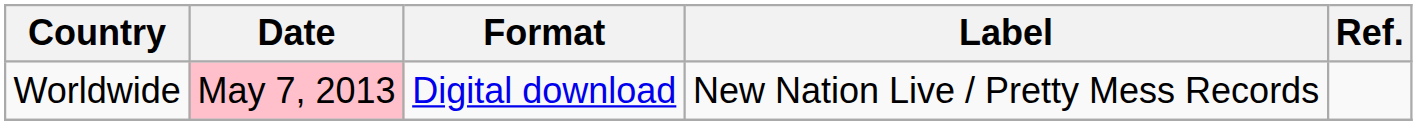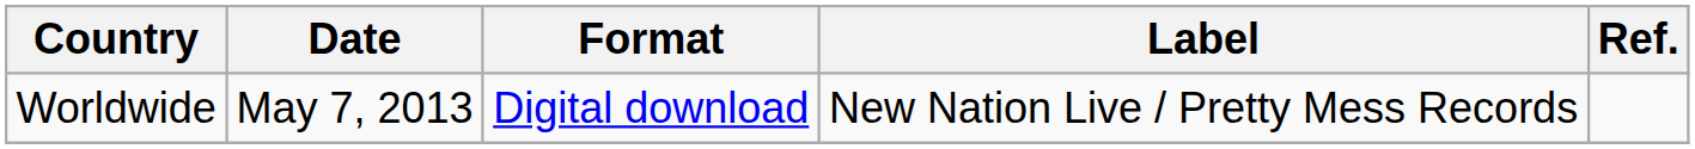 <table class="wikitable plainrowheaders">
 <tr>
 <th scope="col">Country</th>
 <th scope="col">Date</th>
 <th scope="col">Format</th>
 <th scope="col">Label</th>
 <th scope="col">Ref.</th>
 </tr>
 <tr>
 <td>Worldwide</td>
-<td style="background: pink;">May 7, 2013</td>
+<td>May 7, 2013</td>
 <td><a href='#'>Digital download</a></td>
 <td>New Nation Live / Pretty Mess Records</td>
 <td></td>
 </tr>
 <tr>
 </tr>
 </table>
